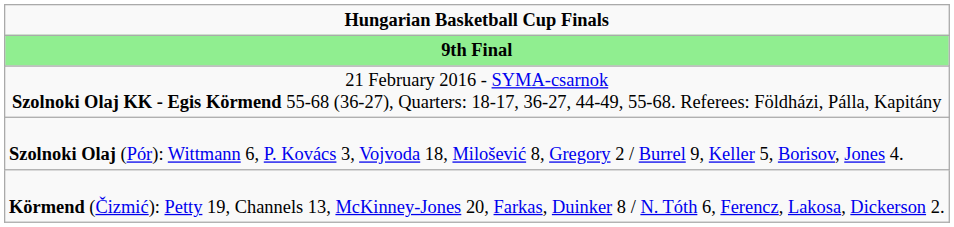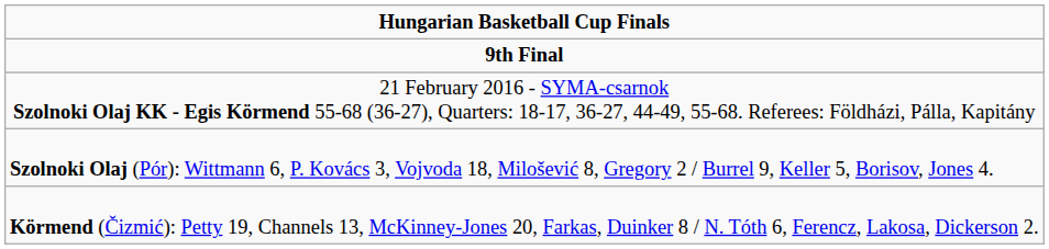 <table class="wikitable" style="font-size:90%;">
 <tr>
 <td align="center"><strong> Hungarian Basketball Cup Finals </strong></td>
 </tr>
 <tr>
-<td align="center" style="background: lightgreen;"><strong> 9th Final </strong></td>
+<td align="center"><strong> 9th Final </strong></td>
 </tr>
 <tr>
 <td align="center">21 February 2016 - <a href='#'>SYMA-csarnok</a><br><strong>Szolnoki Olaj KK - Egis Körmend</strong> 55-68 (36-27), Quarters: 18-17, 36-27, 44-49, 55-68.  Referees: Földházi, Pálla, Kapitány</td>
 </tr>
 <tr>
 <td><br><strong>Szolnoki Olaj</strong> (<a href='#'>Pór</a>): <a href='#'>Wittmann</a> 6, <a href='#'>P. Kovács</a> 3, <a href='#'>Vojvoda</a> 18, <a href='#'>Milošević</a> 8, <a href='#'>Gregory</a> 2 / <a href='#'>Burrel</a> 9, <a href='#'>Keller</a> 5, <a href='#'>Borisov</a>, <a href='#'>Jones</a> 4.</td>
 </tr>
 <tr>
 <td><br><strong>Körmend</strong> (<a href='#'>Čizmić</a>): <a href='#'>Petty</a> 19, Channels 13, <a href='#'>McKinney-Jones</a> 20, <a href='#'>Farkas</a>, <a href='#'>Duinker</a> 8 / <a href='#'>N. Tóth</a> 6, <a href='#'>Ferencz</a>, <a href='#'>Lakosa</a>, <a href='#'>Dickerson</a> 2.</td>
 </tr>
 </table>
